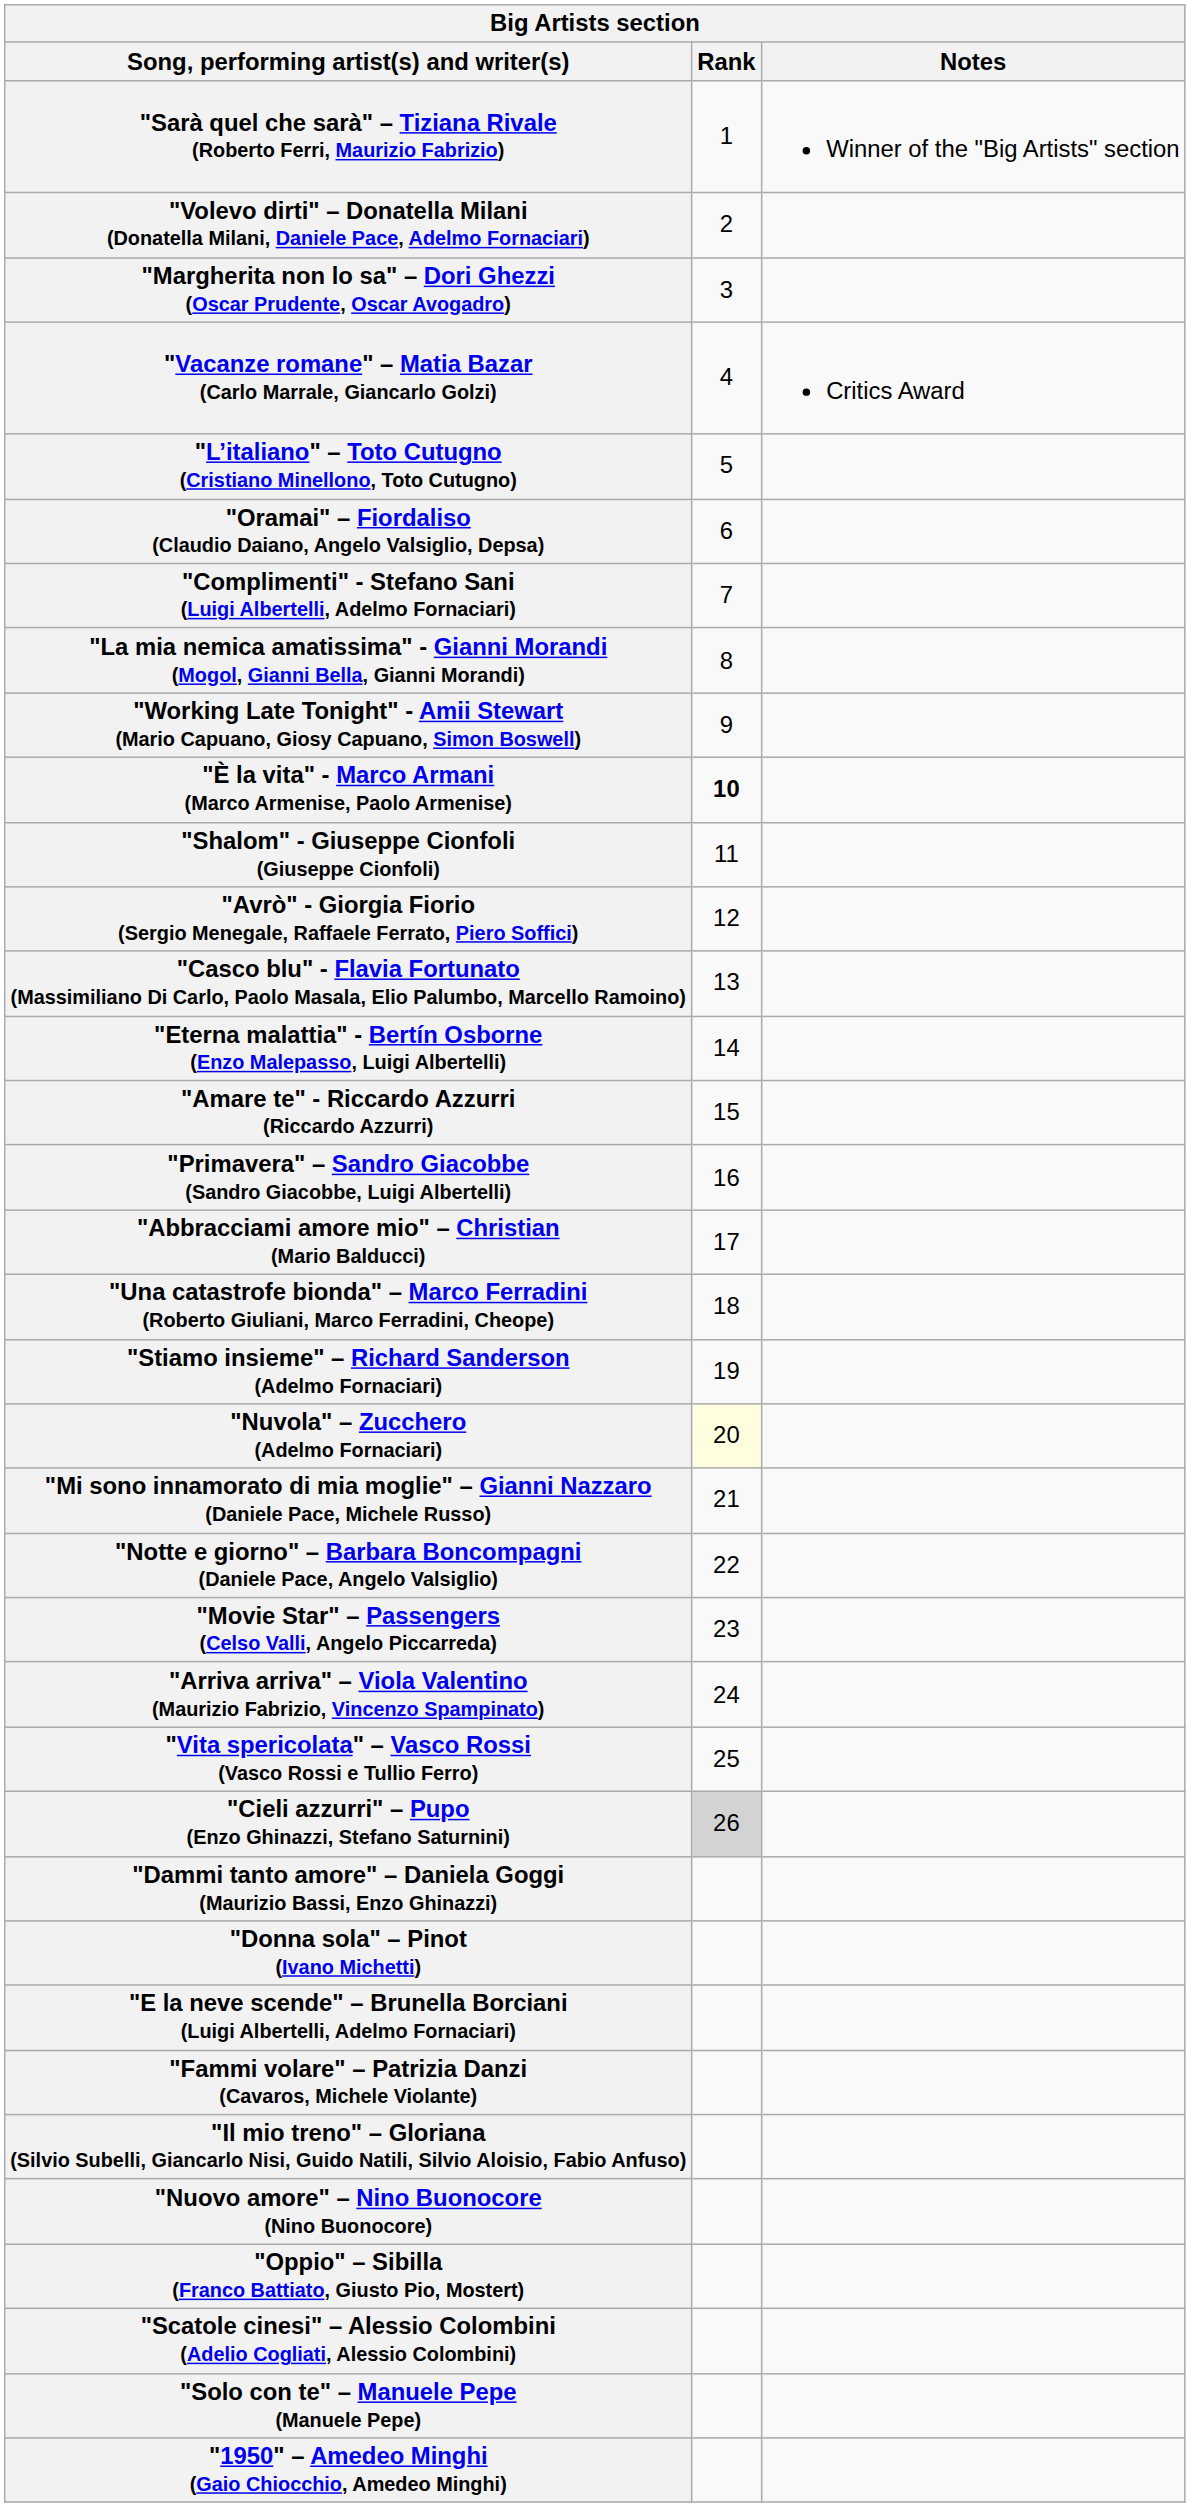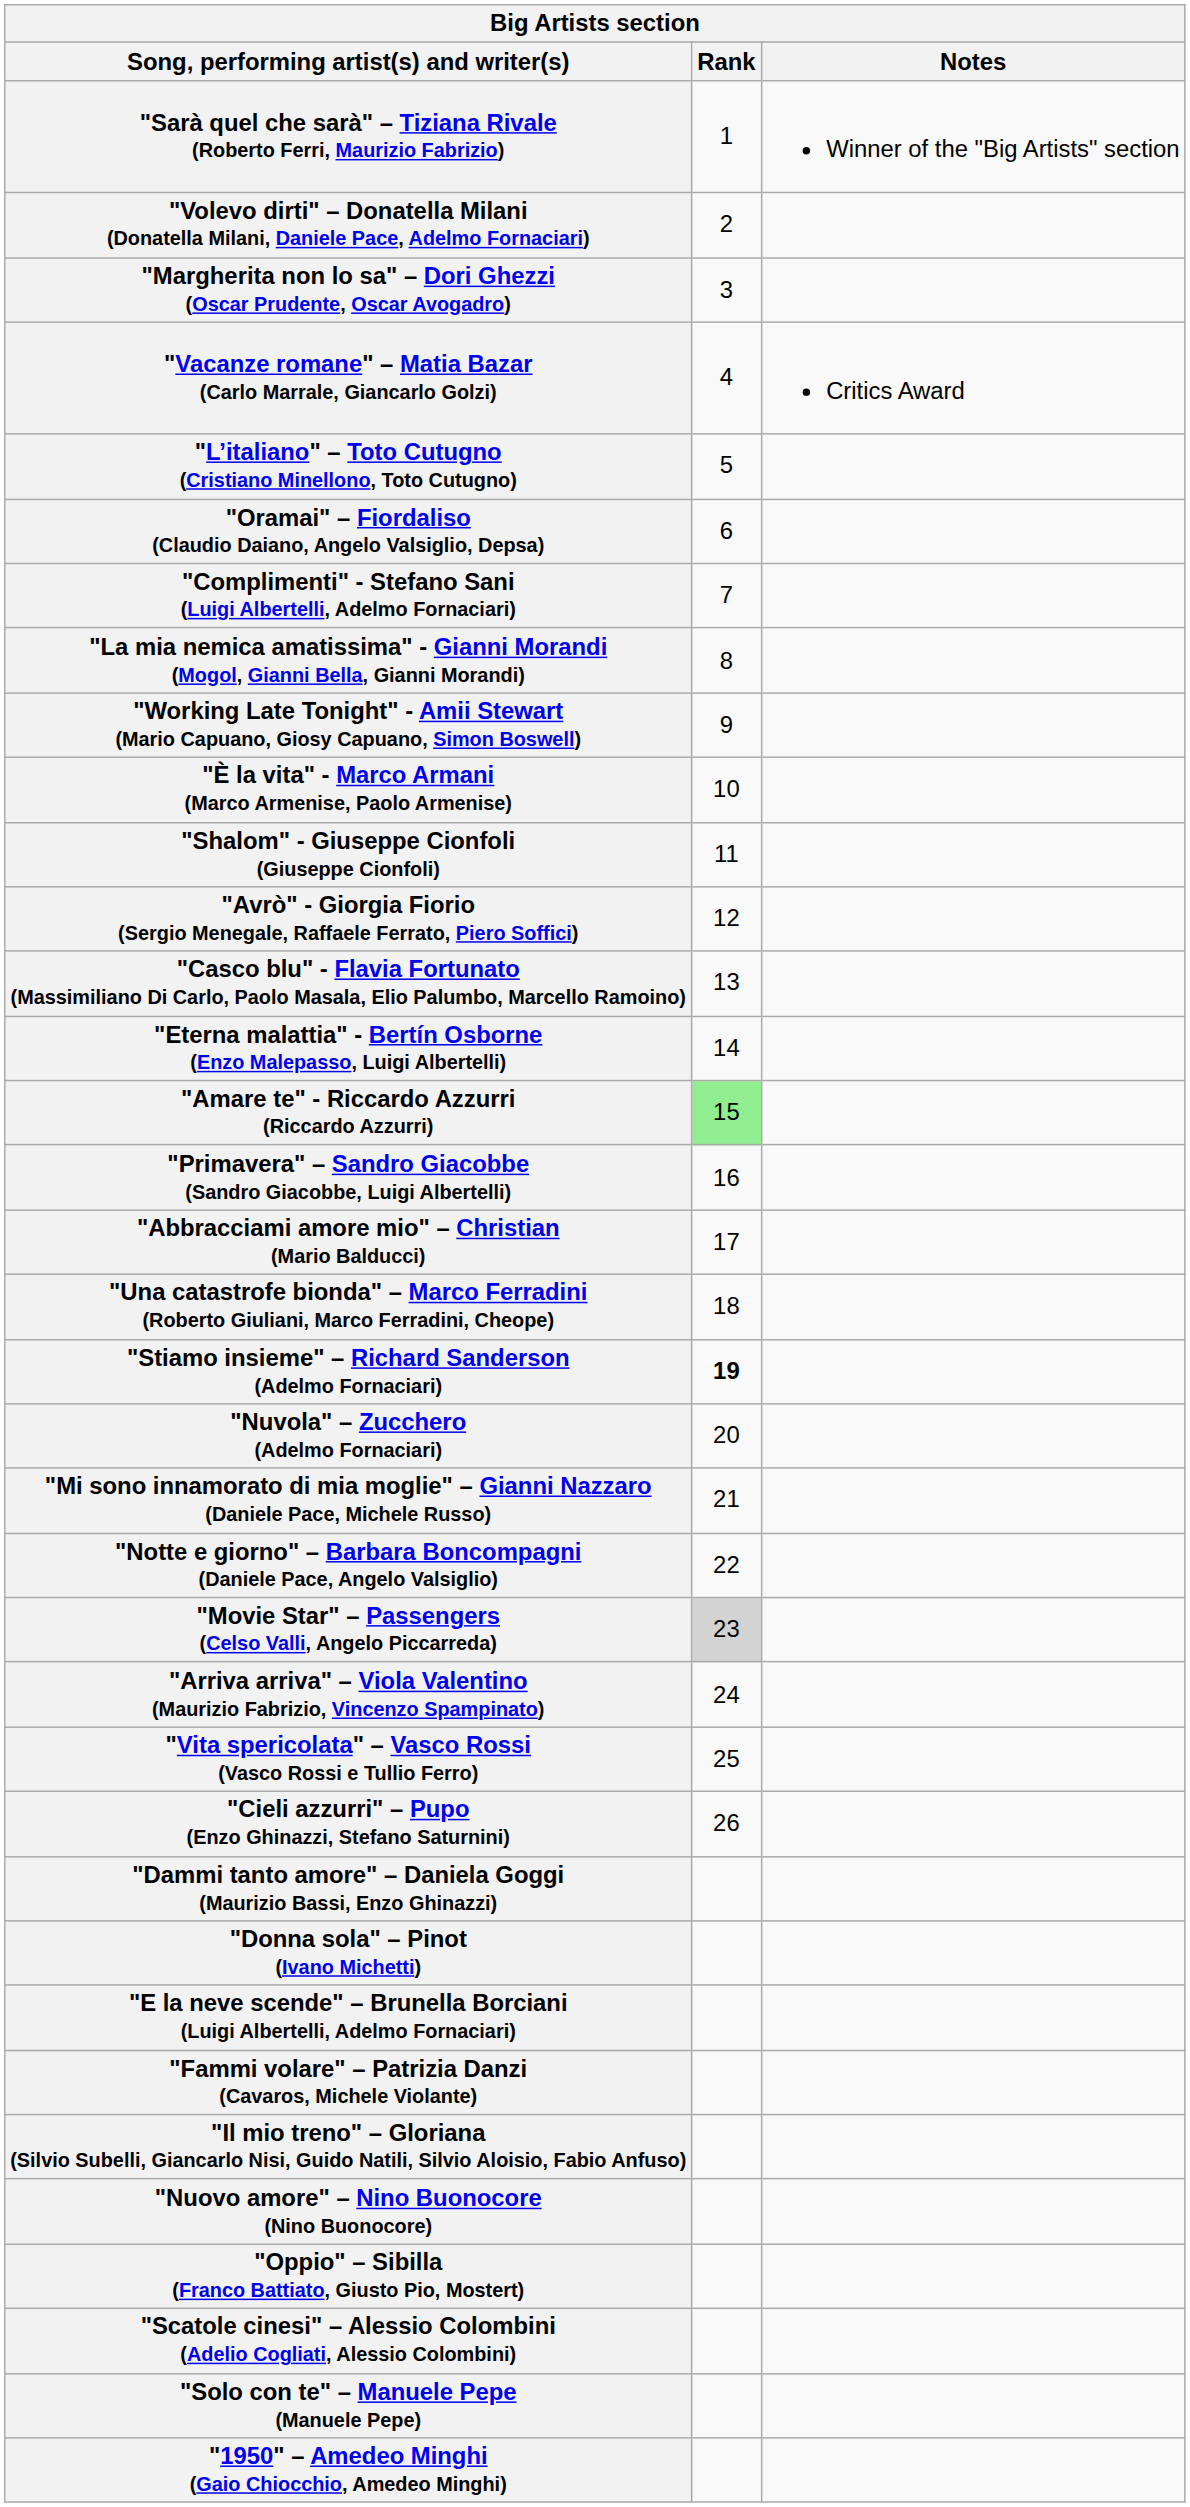 <table class="plainrowheaders wikitable">
 <tr>
 <th colspan="3">Big Artists section </th>
 </tr>
 <tr>
 <th>Song, performing artist(s) and writer(s)</th>
 <th>Rank</th>
 <th>Notes</th>
 </tr>
 <tr>
 <th scope="row">"Sarà quel che sarà" –  <a href='#'>Tiziana Rivale</a>  <br><small>(Roberto Ferri, <a href='#'>Maurizio Fabrizio</a>)</small></th>
 <td style="text-align:center;">1</td>
 <td><br><ul><li>Winner of the "Big Artists" section</li></ul></td>
 </tr>
 <tr>
 <th scope="row">"Volevo dirti" – Donatella Milani <br><small>(Donatella Milani, <a href='#'>Daniele Pace</a>, <a href='#'>Adelmo Fornaciari</a>)</small></th>
 <td style="text-align:center;">2</td>
 <td></td>
 </tr>
 <tr>
 <th scope="row">"Margherita non lo sa" – <a href='#'>Dori Ghezzi</a>  <br><small>(<a href='#'>Oscar Prudente</a>, <a href='#'>Oscar Avogadro</a>)</small></th>
 <td style="text-align:center;">3</td>
 <td></td>
 </tr>
 <tr>
 <th scope="row">"<a href='#'>Vacanze romane</a>" – <a href='#'>Matia Bazar</a><br><small>(Carlo Marrale, Giancarlo Golzi)</small></th>
 <td style="text-align:center;">4</td>
 <td><br><ul><li>Critics Award</li></ul></td>
 </tr>
 <tr>
 <th scope="row">"<a href='#'>L’italiano</a>" –  <a href='#'>Toto Cutugno</a> <br><small>(<a href='#'>Cristiano Minellono</a>, Toto Cutugno)</small></th>
 <td style="text-align:center;">5</td>
 <td></td>
 </tr>
 <tr>
 <th scope="row">"Oramai"  – <a href='#'>Fiordaliso</a>    <br><small>(Claudio Daiano, Angelo Valsiglio, Depsa)</small></th>
 <td style="text-align:center;">6</td>
 <td></td>
 </tr>
 <tr>
 <th scope="row">"Complimenti" - Stefano Sani <br><small>(<a href='#'>Luigi Albertelli</a>, Adelmo Fornaciari)</small></th>
 <td style="text-align:center;">7</td>
 <td></td>
 </tr>
 <tr>
 <th scope="row">"La mia nemica amatissima" -  <a href='#'>Gianni Morandi</a> <br><small> (<a href='#'>Mogol</a>, <a href='#'>Gianni Bella</a>, Gianni Morandi)</small></th>
 <td style="text-align:center;">8</td>
 <td></td>
 </tr>
 <tr>
 <th scope="row">"Working Late Tonight" -  <a href='#'>Amii Stewart</a>  <br><small>(Mario Capuano, Giosy Capuano, <a href='#'>Simon Boswell</a>) </small></th>
 <td style="text-align:center;">9</td>
 <td></td>
 </tr>
 <tr>
 <th scope="row">"È la vita" - <a href='#'>Marco Armani</a>  <br><small>(Marco Armenise, Paolo Armenise)</small></th>
-<td style="text-align:center;"><strong>10</strong></td>
+<td style="text-align:center;">10</td>
 <td></td>
 </tr>
 <tr>
 <th scope="row">"Shalom" - Giuseppe Cionfoli <br><small> (Giuseppe Cionfoli)</small></th>
 <td style="text-align:center;">11</td>
 <td></td>
 </tr>
 <tr>
 <th scope="row">"Avrò" -  Giorgia Fiorio<br><small>(Sergio Menegale, Raffaele Ferrato, <a href='#'>Piero Soffici</a>)</small></th>
 <td style="text-align:center;">12</td>
 <td></td>
 </tr>
 <tr>
 <th scope="row">"Casco blu" - <a href='#'>Flavia Fortunato</a>   <br><small>(Massimiliano Di Carlo, Paolo Masala, Elio Palumbo, Marcello Ramoino)</small></th>
 <td style="text-align:center;">13</td>
 <td></td>
 </tr>
 <tr>
 <th scope="row">"Eterna malattia" - <a href='#'>Bertín Osborne</a>   <br><small>(<a href='#'>Enzo Malepasso</a>, Luigi Albertelli)</small></th>
 <td style="text-align:center;">14</td>
 <td></td>
 </tr>
 <tr>
 <th scope="row">"Amare te" - Riccardo Azzurri <br><small>(Riccardo Azzurri)</small></th>
-<td style="text-align:center;">15</td>
+<td style="background: lightgreen; text-align:center;">15</td>
 <td></td>
 </tr>
 <tr>
 <th scope="row">"Primavera" – <a href='#'>Sandro Giacobbe</a> <br><small>(Sandro Giacobbe, Luigi Albertelli)</small></th>
 <td style="text-align:center;">16</td>
 <td></td>
 </tr>
 <tr>
 <th scope="row">"Abbracciami amore mio" – <a href='#'>Christian</a> <br><small>(Mario Balducci)</small></th>
 <td style="text-align:center;">17</td>
 <td></td>
 </tr>
 <tr>
 <th scope="row">"Una catastrofe bionda" – <a href='#'>Marco Ferradini</a> <br><small>(Roberto Giuliani, Marco Ferradini, Cheope)</small></th>
 <td style="text-align:center;">18</td>
 <td></td>
 </tr>
 <tr>
 <th scope="row">"Stiamo insieme" –  <a href='#'>Richard Sanderson</a> <br><small>(Adelmo Fornaciari)</small></th>
-<td style="text-align:center;">19</td>
+<td style="text-align:center;"><strong>19</strong></td>
 <td></td>
 </tr>
 <tr>
 <th scope="row">"Nuvola" –  <a href='#'>Zucchero</a> <br><small>(Adelmo Fornaciari)</small></th>
-<td style="background: lightyellow; text-align:center;">20</td>
+<td style="text-align:center;">20</td>
 <td></td>
 </tr>
 <tr>
 <th scope="row">"Mi sono innamorato di mia moglie" – <a href='#'>Gianni Nazzaro</a> <br><small>(Daniele Pace, Michele Russo)</small></th>
 <td style="text-align:center;">21</td>
 <td></td>
 </tr>
 <tr>
 <th scope="row">"Notte e giorno" –  <a href='#'>Barbara Boncompagni</a>  <br><small>(Daniele Pace, Angelo Valsiglio)</small></th>
 <td style="text-align:center;">22</td>
 <td></td>
 </tr>
 <tr>
 <th scope="row">"Movie Star" – <a href='#'>Passengers</a>  <br><small>(<a href='#'>Celso Valli</a>, Angelo Piccarreda) </small></th>
-<td style="text-align:center;">23</td>
+<td style="background: lightgrey; text-align:center;">23</td>
 <td></td>
 </tr>
 <tr>
 <th scope="row">"Arriva arriva" – <a href='#'>Viola Valentino</a> <br><small>(Maurizio Fabrizio, <a href='#'>Vincenzo Spampinato</a>)</small></th>
 <td style="text-align:center;">24</td>
 <td></td>
 </tr>
 <tr>
 <th scope="row">"<a href='#'>Vita spericolata</a>" – <a href='#'>Vasco Rossi</a> <br><small>(Vasco Rossi e Tullio Ferro)</small></th>
 <td style="text-align:center;">25</td>
 <td></td>
 </tr>
 <tr>
 <th scope="row">"Cieli azzurri" – <a href='#'>Pupo</a> <br><small>(Enzo Ghinazzi, Stefano Saturnini)</small></th>
-<td style="background: lightgrey; text-align:center;">26</td>
+<td style="text-align:center;">26</td>
 <td></td>
 </tr>
 <tr>
 <th scope="row">"Dammi tanto amore" –  Daniela Goggi <br><small>(Maurizio Bassi, Enzo Ghinazzi)</small></th>
 <td></td>
 <td></td>
 </tr>
 <tr>
 <th scope="row">"Donna sola" –  Pinot <br><small>(<a href='#'>Ivano Michetti</a>)</small></th>
 <td></td>
 <td></td>
 </tr>
 <tr>
 <th scope="row">"E la neve scende" –  Brunella Borciani  <br><small>(Luigi Albertelli, Adelmo Fornaciari)</small></th>
 <td></td>
 <td></td>
 </tr>
 <tr>
 <th scope="row">"Fammi volare" – Patrizia Danzi <br><small>(Cavaros, Michele Violante)</small></th>
 <td></td>
 <td></td>
 </tr>
 <tr>
 <th scope="row">"Il mio treno" – Gloriana <br><small>(Silvio Subelli, Giancarlo Nisi, Guido Natili, Silvio Aloisio, Fabio Anfuso)</small></th>
 <td></td>
 <td></td>
 </tr>
 <tr>
 <th scope="row">"Nuovo amore" – <a href='#'>Nino Buonocore</a> <br><small>(Nino Buonocore)</small></th>
 <td></td>
 <td></td>
 </tr>
 <tr>
 <th scope="row">"Oppio" – Sibilla <br><small>(<a href='#'>Franco Battiato</a>, Giusto Pio, Mostert)</small></th>
 <td></td>
 <td></td>
 </tr>
 <tr>
 <th scope="row">"Scatole cinesi" – Alessio Colombini <br><small>(<a href='#'>Adelio Cogliati</a>, Alessio Colombini)</small></th>
 <td></td>
 <td></td>
 </tr>
 <tr>
 <th scope="row">"Solo con te" – <a href='#'>Manuele Pepe</a> <br><small>(Manuele Pepe)</small></th>
 <td></td>
 <td></td>
 </tr>
 <tr>
 <th scope="row">"<a href='#'>1950</a>" – <a href='#'>Amedeo Minghi</a> <br><small>(<a href='#'>Gaio Chiocchio</a>, Amedeo Minghi)</small></th>
 <td></td>
 <td></td>
 </tr>
 </table>
